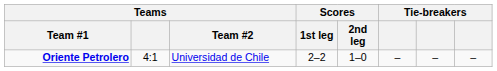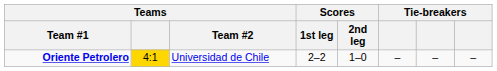 <table class="wikitable" style="text-align: center;">
 <tr>
 <th colspan=3>Teams</th>
 <th colspan=2>Scores</th>
 <th colspan=3>Tie-breakers</th>
 </tr>
 <tr>
 <th width="185">Team #1</th>
 <th width="50"></th>
 <th width="185">Team #2</th>
 <th width="55">1st leg</th>
 <th width="55">2nd leg</th>
 <th width="50"></th>
 <th width="50"></th>
 <th width="50"></th>
 </tr>
 <tr>
 <td style="text-align:right"><strong><a href='#'>Oriente Petrolero</a></strong> </td>
-<td>4:1</td>
+<td style="background: gold;">4:1</td>
 <td style="text-align:left"><a href='#'>Universidad de Chile</a> </td>
 <td>2–2</td>
 <td>1–0</td>
 <td>–</td>
 <td>–</td>
 <td>–</td>
 </tr>
 </table>
